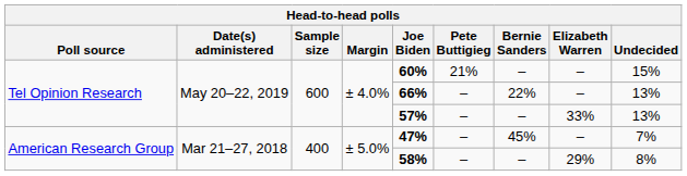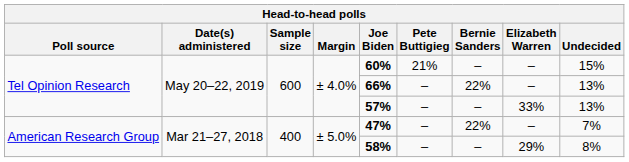 <table class="wikitable mw-collapsed mw-collapsible" style="font-size:90%;text-align:center;">
 <tr valign=bottom style="font-size:90%;">
 <th colspan="10">Head-to-head polls</th>
 </tr>
 <tr valign=bottom style="font-size:90%;">
 <th>Poll source</th>
 <th>Date(s)<br>administered</th>
 <th>Sample<br>size</th>
 <th>Margin<br></th>
 <th>Joe<br>Biden</th>
 <th>Pete<br>Buttigieg</th>
 <th>Bernie<br>Sanders</th>
 <th>Elizabeth<br>Warren</th>
 <th>Undecided</th>
 </tr>
 <tr>
 <td rowspan=3 style="text-align:left;"><a href='#'>Tel Opinion Research</a></td>
 <td rowspan=3>May 20–22, 2019</td>
 <td rowspan=3>600</td>
 <td rowspan=3>± 4.0%</td>
 <td><strong>60%</strong></td>
 <td>21%</td>
 <td>–</td>
 <td>–</td>
 <td>15%</td>
 </tr>
 <tr>
 <td><strong>66%</strong></td>
 <td>–</td>
 <td>22%</td>
 <td>–</td>
 <td>13%</td>
 </tr>
 <tr>
 <td><strong>57%</strong></td>
 <td>–</td>
 <td>–</td>
 <td>33%</td>
 <td>13%</td>
 </tr>
 <tr>
 <td rowspan=2 style="text-align:left;"><a href='#'>American Research Group</a></td>
 <td rowspan=2>Mar 21–27, 2018</td>
 <td rowspan=2>400</td>
 <td rowspan=2>± 5.0%</td>
 <td><strong>47%</strong></td>
 <td>–</td>
-<td>45%</td>
+<td>22%</td>
 <td>–</td>
 <td>7%</td>
 </tr>
 <tr>
 <td><strong>58%</strong></td>
 <td>–</td>
 <td>–</td>
 <td>29%</td>
 <td>8%</td>
 </tr>
 </table>
